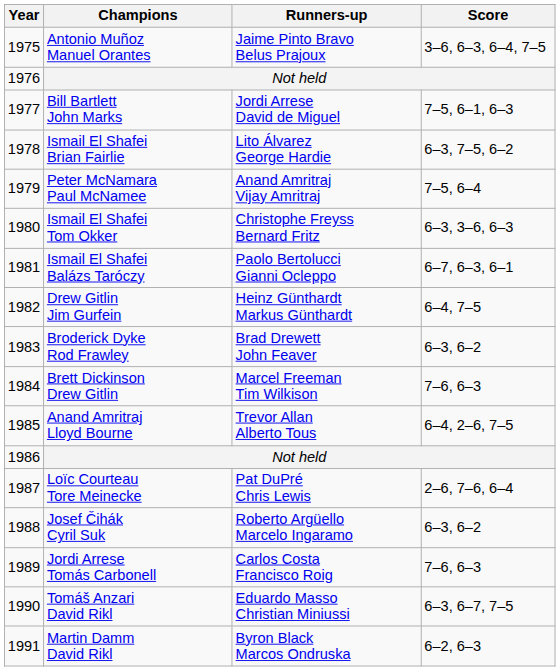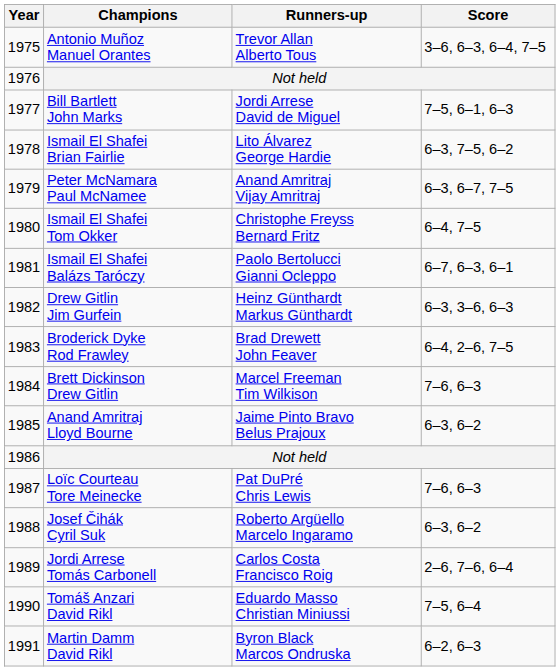 <table class="wikitable">
 <tr>
 <th>Year</th>
 <th width="200">Champions</th>
 <th width="200">Runners-up</th>
 <th width="140">Score</th>
 </tr>
 <tr>
 <td>1975</td>
 <td> <a href='#'>Antonio Muñoz</a><br> <a href='#'>Manuel Orantes</a></td>
-<td> <a href='#'>Jaime Pinto Bravo</a><br> <a href='#'>Belus Prajoux</a></td>
+<td> <a href='#'>Trevor Allan</a><br> <a href='#'>Alberto Tous</a></td>
 <td>3–6, 6–3, 6–4, 7–5</td>
 </tr>
 <tr>
 <td>1976</td>
 <td colspan=3 align=center style="background:#f3f3f3"><em>Not held</em></td>
 </tr>
 <tr>
 <td>1977</td>
 <td> <a href='#'>Bill Bartlett</a><br> <a href='#'>John Marks</a></td>
 <td> <a href='#'>Jordi Arrese</a><br> <a href='#'>David de Miguel</a></td>
 <td>7–5, 6–1, 6–3</td>
 </tr>
 <tr>
 <td>1978</td>
 <td> <a href='#'>Ismail El Shafei</a><br> <a href='#'>Brian Fairlie</a></td>
 <td> <a href='#'>Lito Álvarez</a><br> <a href='#'>George Hardie</a></td>
 <td>6–3, 7–5, 6–2</td>
 </tr>
 <tr>
 <td>1979</td>
 <td> <a href='#'>Peter McNamara</a><br> <a href='#'>Paul McNamee</a></td>
 <td> <a href='#'>Anand Amritraj</a><br> <a href='#'>Vijay Amritraj</a></td>
-<td>7–5, 6–4</td>
+<td>6–3, 6–7, 7–5</td>
 </tr>
 <tr>
 <td>1980</td>
 <td> <a href='#'>Ismail El Shafei</a><br> <a href='#'>Tom Okker</a></td>
 <td> <a href='#'>Christophe Freyss</a><br> <a href='#'>Bernard Fritz</a></td>
-<td>6–3, 3–6, 6–3</td>
+<td>6–4, 7–5</td>
 </tr>
 <tr>
 <td>1981</td>
 <td> <a href='#'>Ismail El Shafei</a><br> <a href='#'>Balázs Taróczy</a></td>
 <td> <a href='#'>Paolo Bertolucci</a><br> <a href='#'>Gianni Ocleppo</a></td>
 <td>6–7, 6–3, 6–1</td>
 </tr>
 <tr>
 <td>1982</td>
 <td> <a href='#'>Drew Gitlin</a><br> <a href='#'>Jim Gurfein</a></td>
 <td> <a href='#'>Heinz Günthardt</a><br> <a href='#'>Markus Günthardt</a></td>
-<td>6–4, 7–5</td>
+<td>6–3, 3–6, 6–3</td>
 </tr>
 <tr>
 <td>1983</td>
 <td> <a href='#'>Broderick Dyke</a><br> <a href='#'>Rod Frawley</a></td>
 <td> <a href='#'>Brad Drewett</a><br> <a href='#'>John Feaver</a></td>
-<td>6–3, 6–2</td>
+<td>6–4, 2–6, 7–5</td>
 </tr>
 <tr>
 <td>1984</td>
 <td> <a href='#'>Brett Dickinson</a><br> <a href='#'>Drew Gitlin</a></td>
 <td> <a href='#'>Marcel Freeman</a><br> <a href='#'>Tim Wilkison</a></td>
 <td>7–6, 6–3</td>
 </tr>
 <tr>
 <td>1985</td>
 <td> <a href='#'>Anand Amritraj</a><br> <a href='#'>Lloyd Bourne</a></td>
-<td> <a href='#'>Trevor Allan</a><br> <a href='#'>Alberto Tous</a></td>
-<td>6–4, 2–6, 7–5</td>
+<td> <a href='#'>Jaime Pinto Bravo</a><br> <a href='#'>Belus Prajoux</a></td>
+<td>6–3, 6–2</td>
 </tr>
 <tr>
 <td>1986</td>
 <td colspan=3 align=center style="background:#f3f3f3"><em>Not held</em></td>
 </tr>
 <tr>
 <td>1987</td>
 <td> <a href='#'>Loïc Courteau</a><br> <a href='#'>Tore Meinecke</a></td>
 <td> <a href='#'>Pat DuPré</a><br> <a href='#'>Chris Lewis</a></td>
-<td>2–6, 7–6, 6–4</td>
+<td>7–6, 6–3</td>
 </tr>
 <tr>
 <td>1988</td>
 <td> <a href='#'>Josef Čihák</a><br> <a href='#'>Cyril Suk</a></td>
 <td> <a href='#'>Roberto Argüello</a><br> <a href='#'>Marcelo Ingaramo</a></td>
 <td>6–3, 6–2</td>
 </tr>
 <tr>
 <td>1989</td>
 <td> <a href='#'>Jordi Arrese</a><br> <a href='#'>Tomás Carbonell</a></td>
 <td> <a href='#'>Carlos Costa</a><br> <a href='#'>Francisco Roig</a></td>
-<td>7–6, 6–3</td>
+<td>2–6, 7–6, 6–4</td>
 </tr>
 <tr>
 <td>1990</td>
 <td> <a href='#'>Tomáš Anzari</a><br> <a href='#'>David Rikl</a></td>
 <td> <a href='#'>Eduardo Masso</a><br> <a href='#'>Christian Miniussi</a></td>
-<td>6–3, 6–7, 7–5</td>
+<td>7–5, 6–4</td>
 </tr>
 <tr>
 <td>1991</td>
 <td> <a href='#'>Martin Damm</a><br> <a href='#'>David Rikl</a></td>
 <td> <a href='#'>Byron Black</a><br> <a href='#'>Marcos Ondruska</a></td>
 <td>6–2, 6–3</td>
 </tr>
 </table>
